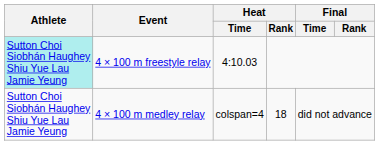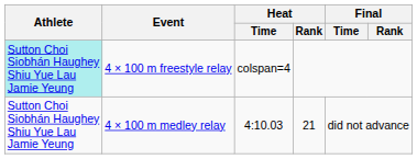 <table class=wikitable style="font-size:90%">
 <tr>
 <th rowspan=2>Athlete</th>
 <th rowspan=2>Event</th>
 <th colspan="2">Heat</th>
 <th colspan="2">Final</th>
 </tr>
 <tr style="font-size:95%">
 <th>Time</th>
 <th>Rank</th>
 <th>Time</th>
 <th>Rank</th>
 </tr>
 <tr align=center>
 <td align=left style="background: paleturquoise;"><a href='#'>Sutton Choi</a><br><a href='#'>Siobhán Haughey</a><br><a href='#'>Shiu Yue Lau</a><br><a href='#'>Jamie Yeung</a></td>
 <td align=left><a href='#'>4 × 100 m freestyle relay</a></td>
-<td>4:10.03</td>
+<td>colspan=4 </td>
 </tr>
 <tr align=center>
 <td align=left><a href='#'>Sutton Choi</a><br><a href='#'>Siobhán Haughey</a><br><a href='#'>Shiu Yue Lau</a><br><a href='#'>Jamie Yeung</a></td>
 <td align=left><a href='#'>4 × 100 m medley relay</a></td>
-<td>colspan=4 </td>
-<td>18</td>
+<td>4:10.03</td>
+<td>21</td>
 <td colspan=2>did not advance</td>
 </tr>
 </table>
